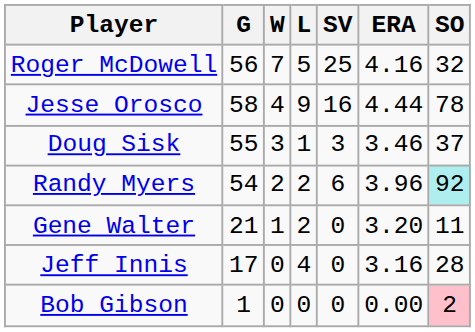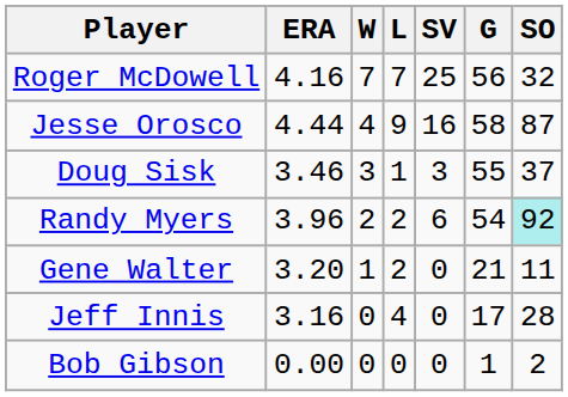 <table class="wikitable sortable">
 <tr>
 <th>Player</th>
-<th>G</th>
+<th>ERA</th>
 <th>W</th>
 <th>L</th>
 <th>SV</th>
-<th>ERA</th>
+<th>G</th>
 <th>SO</th>
 </tr>
 <tr align="center">
 <td><a href='#'>Roger McDowell</a></td>
+<td>4.16</td>
+<td>7</td>
+<td>7</td>
+<td>25</td>
 <td>56</td>
-<td>7</td>
-<td>5</td>
-<td>25</td>
-<td>4.16</td>
 <td>32</td>
 </tr>
 <tr align=center>
 <td><a href='#'>Jesse Orosco</a></td>
-<td>58</td>
+<td>4.44</td>
 <td>4</td>
 <td>9</td>
 <td>16</td>
-<td>4.44</td>
-<td>78</td>
+<td>58</td>
+<td>87</td>
 </tr>
 <tr align="center">
 <td><a href='#'>Doug Sisk</a></td>
-<td>55</td>
+<td>3.46</td>
 <td>3</td>
 <td>1</td>
 <td>3</td>
-<td>3.46</td>
+<td>55</td>
 <td>37</td>
 </tr>
 <tr align="center">
 <td><a href='#'>Randy Myers</a></td>
-<td>54</td>
+<td>3.96</td>
 <td>2</td>
 <td>2</td>
 <td>6</td>
-<td>3.96</td>
+<td>54</td>
 <td style="background: paleturquoise;">92</td>
 </tr>
 <tr align="center">
 <td><a href='#'>Gene Walter</a></td>
-<td>21</td>
+<td>3.20</td>
 <td>1</td>
 <td>2</td>
 <td>0</td>
-<td>3.20</td>
+<td>21</td>
 <td>11</td>
 </tr>
 <tr align="center">
 <td><a href='#'>Jeff Innis</a></td>
-<td>17</td>
+<td>3.16</td>
 <td>0</td>
 <td>4</td>
 <td>0</td>
-<td>3.16</td>
+<td>17</td>
 <td>28</td>
 </tr>
 <tr align="center">
 <td><a href='#'>Bob Gibson</a></td>
-<td>1</td>
+<td>0.00</td>
 <td>0</td>
 <td>0</td>
 <td>0</td>
-<td>0.00</td>
-<td style="background: pink;">2</td>
+<td>1</td>
+<td>2</td>
 </tr>
 </table>
